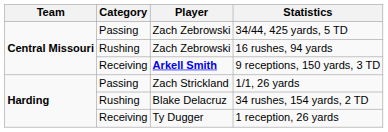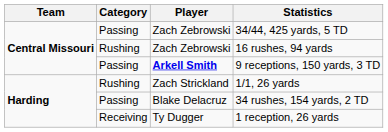 <table class="wikitable" style="float: right;">
 <tr>
 <th>Team</th>
 <th>Category</th>
 <th>Player</th>
 <th>Statistics</th>
 </tr>
 <tr>
 <td rowspan=3><strong>Central Missouri</strong></td>
 <td>Passing</td>
 <td>Zach Zebrowski</td>
 <td>34/44, 425 yards, 5 TD</td>
 </tr>
 <tr>
 <td>Rushing</td>
 <td>Zach Zebrowski</td>
 <td>16 rushes, 94 yards</td>
 </tr>
 <tr>
-<td>Receiving</td>
+<td>Passing</td>
 <td><strong><a href='#'>Arkell Smith</a></strong></td>
 <td>9 receptions, 150 yards, 3 TD</td>
 </tr>
 <tr>
 <td rowspan=3><strong>Harding</strong></td>
-<td>Passing</td>
+<td>Rushing</td>
 <td>Zach Strickland</td>
 <td>1/1, 26 yards</td>
 </tr>
 <tr>
-<td>Rushing</td>
+<td>Passing</td>
 <td>Blake Delacruz</td>
 <td>34 rushes, 154 yards, 2 TD</td>
 </tr>
 <tr>
 <td>Receiving</td>
 <td>Ty Dugger</td>
 <td>1 reception, 26 yards</td>
 </tr>
 </table>
